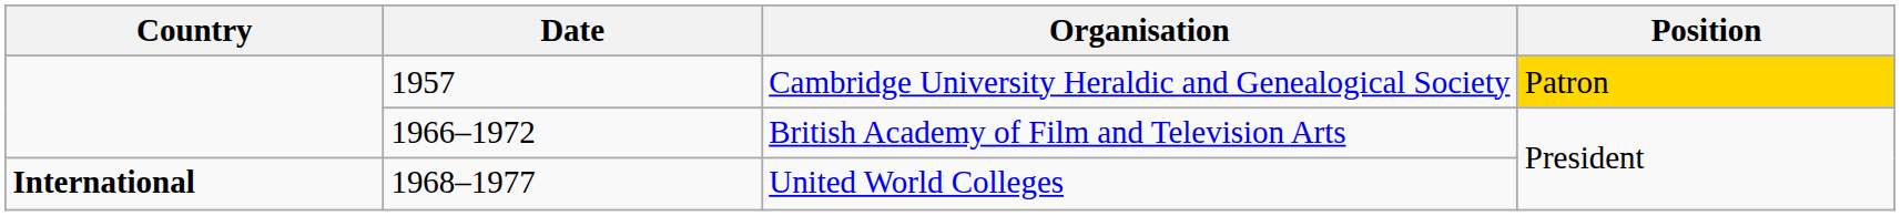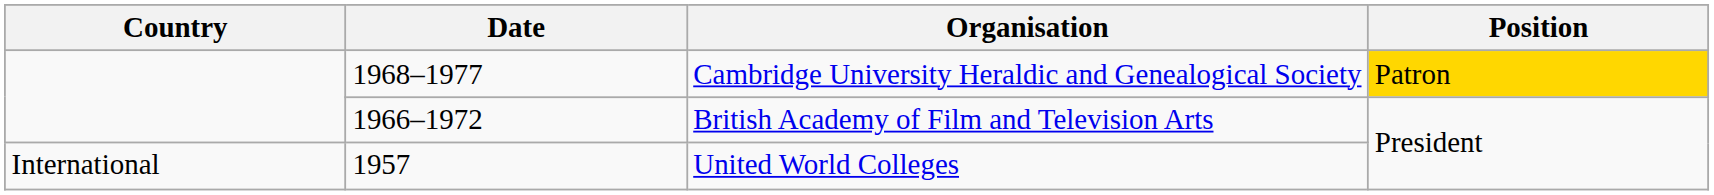 <table class="wikitable sortable">
 <tr>
 <th style="width:20%;">Country</th>
 <th style="width:20%;">Date</th>
 <th style="width:40%;">Organisation</th>
 <th style="width:20%;">Position</th>
 </tr>
 <tr>
 <td rowspan="2"></td>
-<td>1957</td>
+<td>1968–1977</td>
 <td><a href='#'>Cambridge University Heraldic and Genealogical Society</a></td>
 <td style="background: gold;">Patron</td>
 </tr>
 <tr>
 <td>1966–1972</td>
 <td><a href='#'>British Academy of Film and Television Arts</a></td>
 <td rowspan="2">President</td>
 </tr>
 <tr>
-<td><strong>International</strong></td>
-<td>1968–1977</td>
+<td>International</td>
+<td>1957</td>
 <td><a href='#'>United World Colleges</a></td>
 </tr>
 </table>
